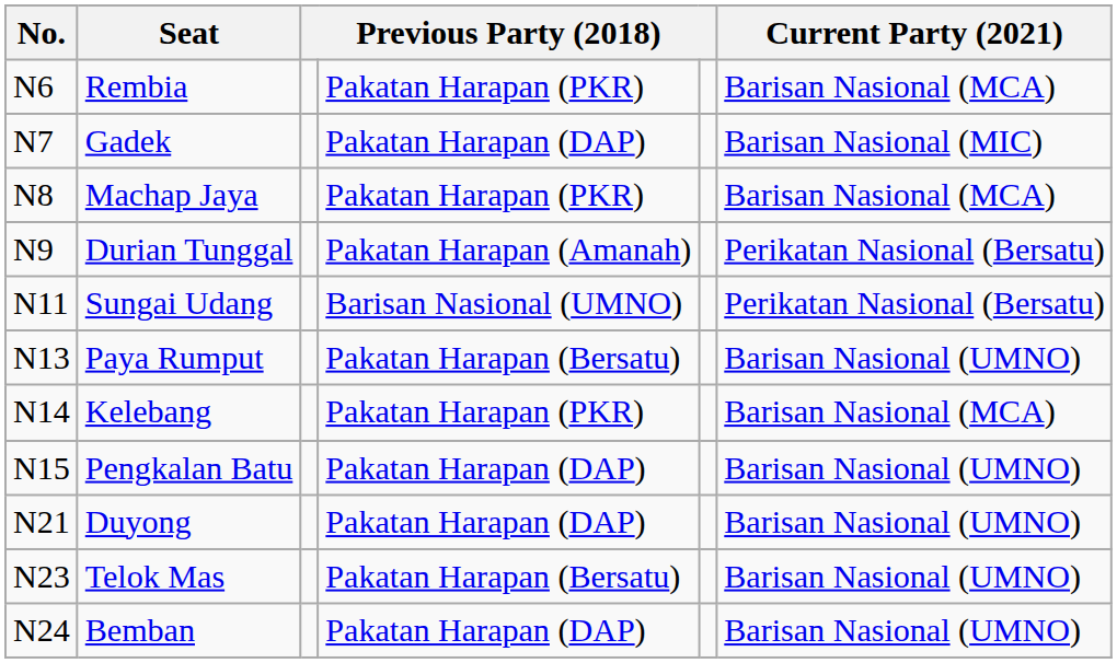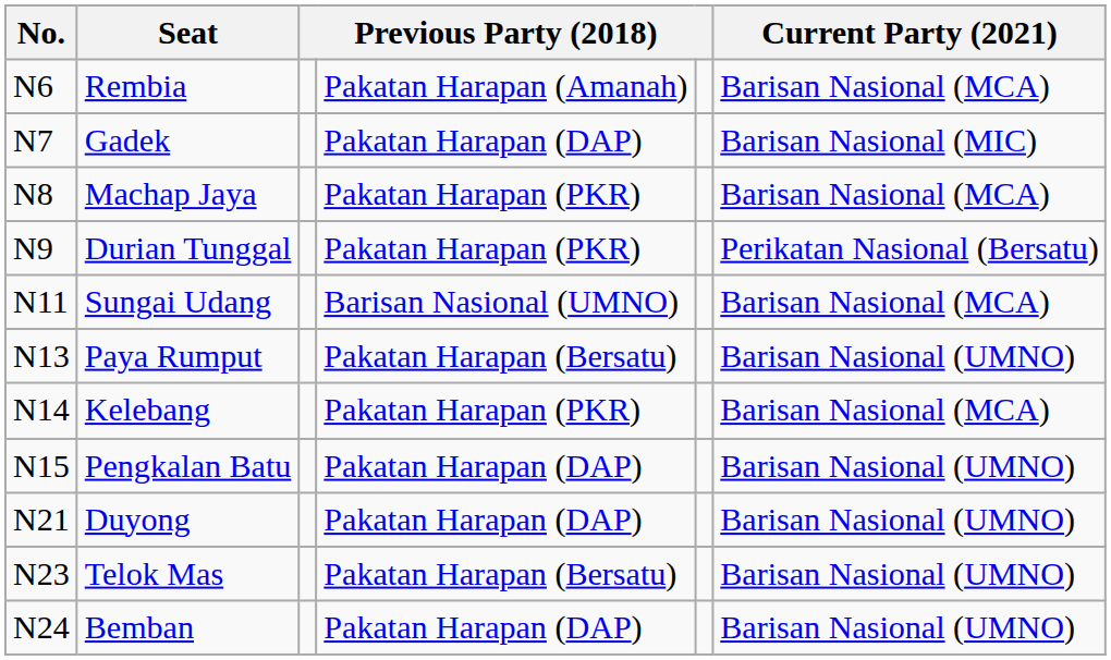 <table class="wikitable sortable" style="font-size:95%;">
 <tr>
 <th scope="col">No.</th>
 <th scope="col">Seat</th>
 <th colspan="3" scope="col">Previous Party (2018)</th>
 <th colspan="3" scope="col">Current Party (2021)</th>
 </tr>
 <tr>
 <td>N6</td>
 <td><a href='#'>Rembia</a></td>
 <td width="1"></td>
-<td><a href='#'>Pakatan Harapan</a> (<a href='#'>PKR</a>)</td>
+<td><a href='#'>Pakatan Harapan</a> (<a href='#'>Amanah</a>)</td>
 <td width="1"></td>
 <td><a href='#'>Barisan Nasional</a> (<a href='#'>MCA</a>)</td>
 </tr>
 <tr>
 <td>N7</td>
 <td><a href='#'>Gadek</a></td>
 <td width="1"></td>
 <td><a href='#'>Pakatan Harapan</a> (<a href='#'>DAP</a>)</td>
 <td width="1"></td>
 <td><a href='#'>Barisan Nasional</a> (<a href='#'>MIC</a>)</td>
 </tr>
 <tr>
 <td>N8</td>
 <td><a href='#'>Machap Jaya</a></td>
 <td width="1"></td>
 <td><a href='#'>Pakatan Harapan</a> (<a href='#'>PKR</a>)</td>
 <td width="1"></td>
 <td><a href='#'>Barisan Nasional</a> (<a href='#'>MCA</a>)</td>
 </tr>
 <tr>
 <td>N9</td>
 <td><a href='#'>Durian Tunggal</a></td>
 <td width="1"></td>
-<td><a href='#'>Pakatan Harapan</a> (<a href='#'>Amanah</a>)</td>
+<td><a href='#'>Pakatan Harapan</a> (<a href='#'>PKR</a>)</td>
 <td width="1"></td>
 <td><a href='#'>Perikatan Nasional</a> (<a href='#'>Bersatu</a>)</td>
 </tr>
 <tr>
 <td>N11</td>
 <td><a href='#'>Sungai Udang</a></td>
 <td width="1"></td>
 <td><a href='#'>Barisan Nasional</a> (<a href='#'>UMNO</a>)</td>
 <td width="1"></td>
-<td><a href='#'>Perikatan Nasional</a> (<a href='#'>Bersatu</a>)</td>
+<td><a href='#'>Barisan Nasional</a> (<a href='#'>MCA</a>)</td>
 </tr>
 <tr>
 <td>N13</td>
 <td><a href='#'>Paya Rumput</a></td>
 <td width="1"></td>
 <td><a href='#'>Pakatan Harapan</a> (<a href='#'>Bersatu</a>)</td>
 <td width="1"></td>
 <td><a href='#'>Barisan Nasional</a> (<a href='#'>UMNO</a>)</td>
 </tr>
 <tr>
 <td>N14</td>
 <td><a href='#'>Kelebang</a></td>
 <td width="1"></td>
 <td><a href='#'>Pakatan Harapan</a> (<a href='#'>PKR</a>)</td>
 <td width="1"></td>
 <td><a href='#'>Barisan Nasional</a> (<a href='#'>MCA</a>)</td>
 </tr>
 <tr>
 <td>N15</td>
 <td><a href='#'>Pengkalan Batu</a></td>
 <td width="1"></td>
 <td><a href='#'>Pakatan Harapan</a> (<a href='#'>DAP</a>)</td>
 <td width="1"></td>
 <td><a href='#'>Barisan Nasional</a> (<a href='#'>UMNO</a>)</td>
 </tr>
 <tr>
 <td>N21</td>
 <td><a href='#'>Duyong</a></td>
 <td width="1"></td>
 <td><a href='#'>Pakatan Harapan</a> (<a href='#'>DAP</a>)</td>
 <td width="1"></td>
 <td><a href='#'>Barisan Nasional</a> (<a href='#'>UMNO</a>)</td>
 </tr>
 <tr>
 <td>N23</td>
 <td><a href='#'>Telok Mas</a></td>
 <td width="1"></td>
 <td><a href='#'>Pakatan Harapan</a> (<a href='#'>Bersatu</a>)</td>
 <td width="1"></td>
 <td><a href='#'>Barisan Nasional</a> (<a href='#'>UMNO</a>)</td>
 </tr>
 <tr>
 <td>N24</td>
 <td><a href='#'>Bemban</a></td>
 <td width="1"></td>
 <td><a href='#'>Pakatan Harapan</a> (<a href='#'>DAP</a>)</td>
 <td width="1"></td>
 <td><a href='#'>Barisan Nasional</a> (<a href='#'>UMNO</a>)</td>
 </tr>
 </table>
